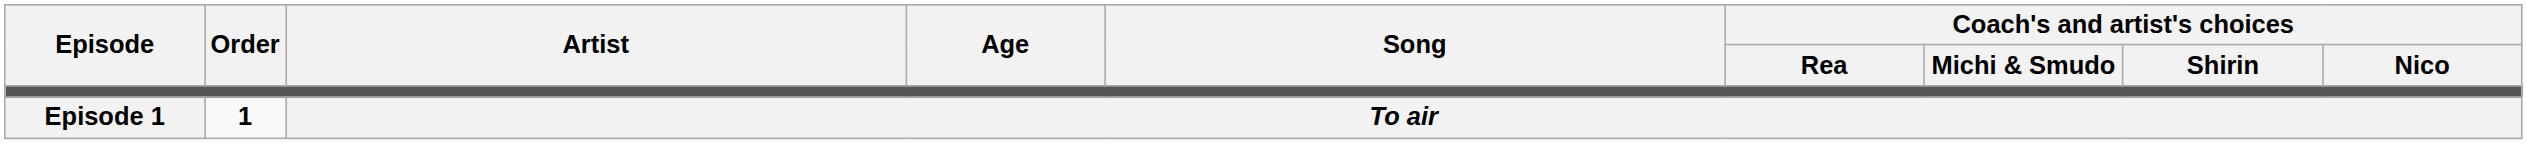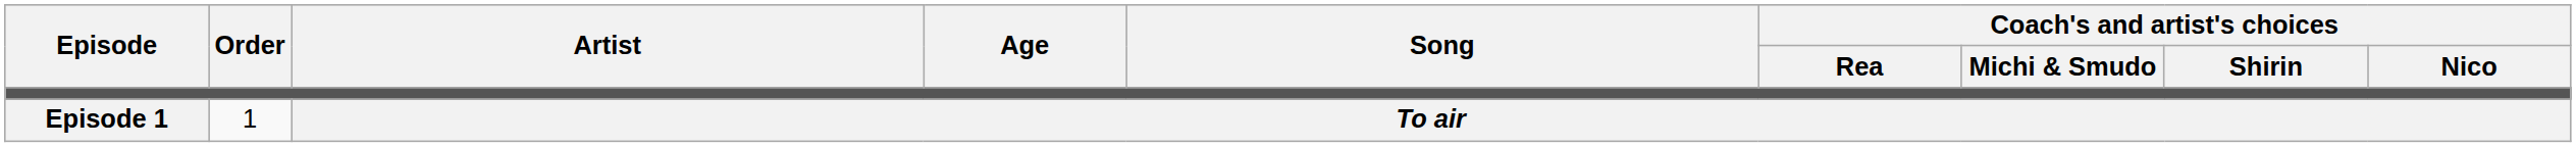 <table class="wikitable" style="text-align:center; width:100%">
 <tr>
 <th rowspan="2" scope="col" style="width:08%">Episode</th>
 <th rowspan="2" scope="col" style="width:02%">Order</th>
 <th rowspan="2" scope="col" style="width:25%">Artist</th>
 <th rowspan="2" scope="col" style="width:08%">Age</th>
 <th rowspan="2" scope="col" style="width:25%">Song</th>
 <th colspan="4" scope="col" style="width:30%">Coach's and artist's choices</th>
 </tr>
 <tr>
 <th style="width:08%">Rea</th>
 <th style="width:08%">Michi & Smudo</th>
 <th style="width:08%">Shirin</th>
 <th style="width:08%">Nico</th>
 </tr>
 <tr>
 <td colspan="12" style="background:#555"></td>
 </tr>
 <tr>
 <th scope="row" rowspan="11">Episode 1<br></th>
-<td><strong>1</strong></td>
+<td>1</td>
 <th colspan=7><em>To air</em></th>
 </tr>
 </table>
